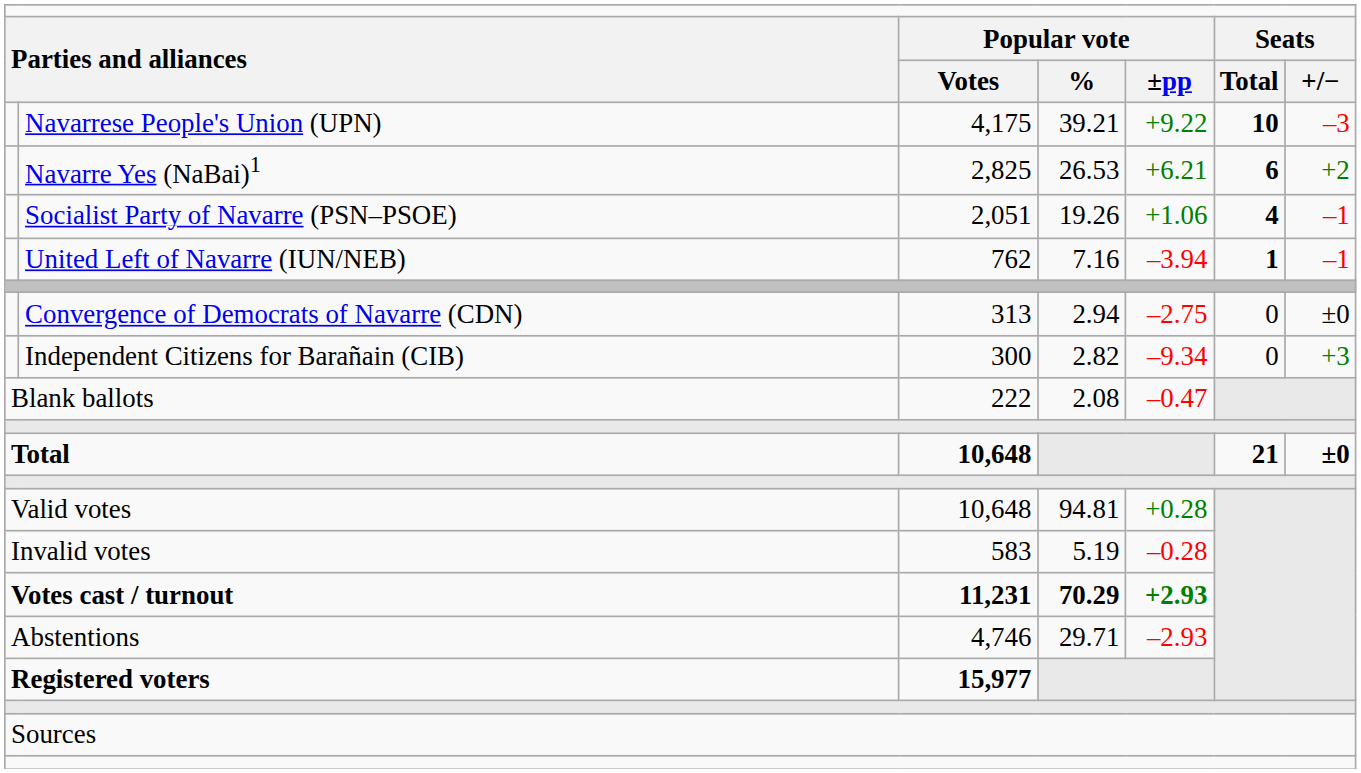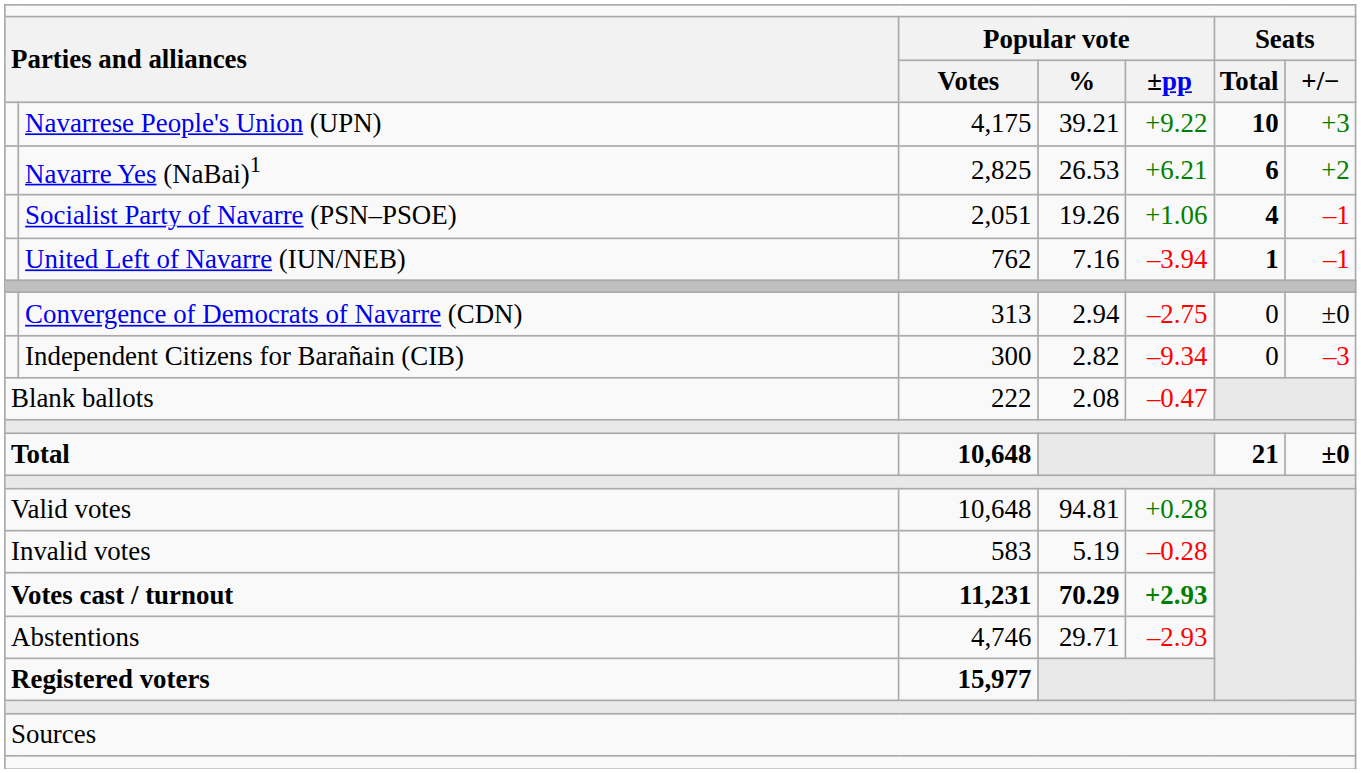 <table class="wikitable" style="text-align:right;">
 <tr>
 <td colspan="7"></td>
 </tr>
 <tr>
 <th style="text-align:left;" rowspan="2" colspan="2" width="525">Parties and alliances</th>
 <th colspan="3">Popular vote</th>
 <th colspan="2">Seats</th>
 </tr>
 <tr>
 <th width="75">Votes</th>
 <th width="45">%</th>
 <th width="45">±<a href='#'>pp</a></th>
 <th width="35">Total</th>
 <th width="35">+/−</th>
 </tr>
 <tr>
 <td width="1" style="color:inherit;background:"></td>
 <td align="left"><a href='#'>Navarrese People's Union</a> (UPN)</td>
 <td>4,175</td>
 <td>39.21</td>
 <td style="color:green;">+9.22</td>
 <td><strong>10</strong></td>
-<td style="color:red;">–3</td>
+<td style="color:green;">+3</td>
 </tr>
 <tr>
 <td style="color:inherit;background:"></td>
 <td align="left"><a href='#'>Navarre Yes</a> (NaBai)<sup>1</sup></td>
 <td>2,825</td>
 <td>26.53</td>
 <td style="color:green;">+6.21</td>
 <td><strong>6</strong></td>
 <td style="color:green;">+2</td>
 </tr>
 <tr>
 <td style="color:inherit;background:"></td>
 <td align="left"><a href='#'>Socialist Party of Navarre</a> (PSN–PSOE)</td>
 <td>2,051</td>
 <td>19.26</td>
 <td style="color:green;">+1.06</td>
 <td><strong>4</strong></td>
 <td style="color:red;">–1</td>
 </tr>
 <tr>
 <td style="color:inherit;background:"></td>
 <td align="left"><a href='#'>United Left of Navarre</a> (IUN/NEB)</td>
 <td>762</td>
 <td>7.16</td>
 <td style="color:red;">–3.94</td>
 <td><strong>1</strong></td>
 <td style="color:red;">–1</td>
 </tr>
 <tr>
 <td colspan="7" bgcolor="#C0C0C0"></td>
 </tr>
 <tr>
 <td style="color:inherit;background:"></td>
 <td align="left"><a href='#'>Convergence of Democrats of Navarre</a> (CDN)</td>
 <td>313</td>
 <td>2.94</td>
 <td style="color:red;">–2.75</td>
 <td>0</td>
 <td>±0</td>
 </tr>
 <tr>
 <td style="color:inherit;background:"></td>
 <td align="left">Independent Citizens for Barañain (CIB)</td>
 <td>300</td>
 <td>2.82</td>
 <td style="color:red;">–9.34</td>
 <td>0</td>
-<td style="color:green;">+3</td>
+<td style="color:red;">–3</td>
 </tr>
 <tr>
 <td align="left" colspan="2">Blank ballots</td>
 <td>222</td>
 <td>2.08</td>
 <td style="color:red;">–0.47</td>
 <td bgcolor="#E9E9E9" colspan="2"></td>
 </tr>
 <tr>
 <td colspan="7" bgcolor="#E9E9E9"></td>
 </tr>
 <tr style="font-weight:bold;">
 <td align="left" colspan="2">Total</td>
 <td>10,648</td>
 <td bgcolor="#E9E9E9" colspan="2"></td>
 <td>21</td>
 <td>±0</td>
 </tr>
 <tr>
 <td colspan="7" bgcolor="#E9E9E9"></td>
 </tr>
 <tr>
 <td align="left" colspan="2">Valid votes</td>
 <td>10,648</td>
 <td>94.81</td>
 <td style="color:green;">+0.28</td>
 <td bgcolor="#E9E9E9" colspan="2" rowspan="5"></td>
 </tr>
 <tr>
 <td align="left" colspan="2">Invalid votes</td>
 <td>583</td>
 <td>5.19</td>
 <td style="color:red;">–0.28</td>
 </tr>
 <tr style="font-weight:bold;">
 <td align="left" colspan="2">Votes cast / turnout</td>
 <td>11,231</td>
 <td>70.29</td>
 <td style="color:green;">+2.93</td>
 </tr>
 <tr>
 <td align="left" colspan="2">Abstentions</td>
 <td>4,746</td>
 <td>29.71</td>
 <td style="color:red;">–2.93</td>
 </tr>
 <tr style="font-weight:bold;">
 <td align="left" colspan="2">Registered voters</td>
 <td>15,977</td>
 <td bgcolor="#E9E9E9" colspan="2"></td>
 </tr>
 <tr>
 <td colspan="7" bgcolor="#E9E9E9"></td>
 </tr>
 <tr>
 <td align="left" colspan="7">Sources</td>
 </tr>
 <tr>
 <td colspan="7" style="text-align:left; max-width:790px;"></td>
 </tr>
 </table>
